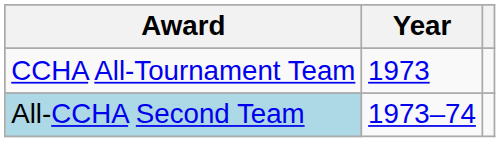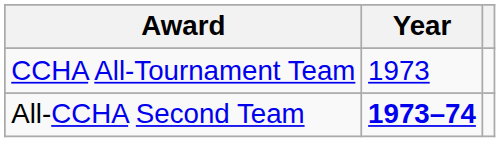 <table class="wikitable">
 <tr>
 <th>Award</th>
 <th>Year</th>
 <th></th>
 </tr>
 <tr>
 <td><a href='#'>CCHA</a> <a href='#'>All-Tournament Team</a></td>
 <td><a href='#'>1973</a></td>
 <td></td>
 </tr>
 <tr>
-<td style="background: lightblue;">All-<a href='#'>CCHA</a> <a href='#'>Second Team</a></td>
-<td><a href='#'>1973–74</a></td>
+<td>All-<a href='#'>CCHA</a> <a href='#'>Second Team</a></td>
+<td><strong><a href='#'>1973–74</a></strong></td>
 <td></td>
 </tr>
 </table>
